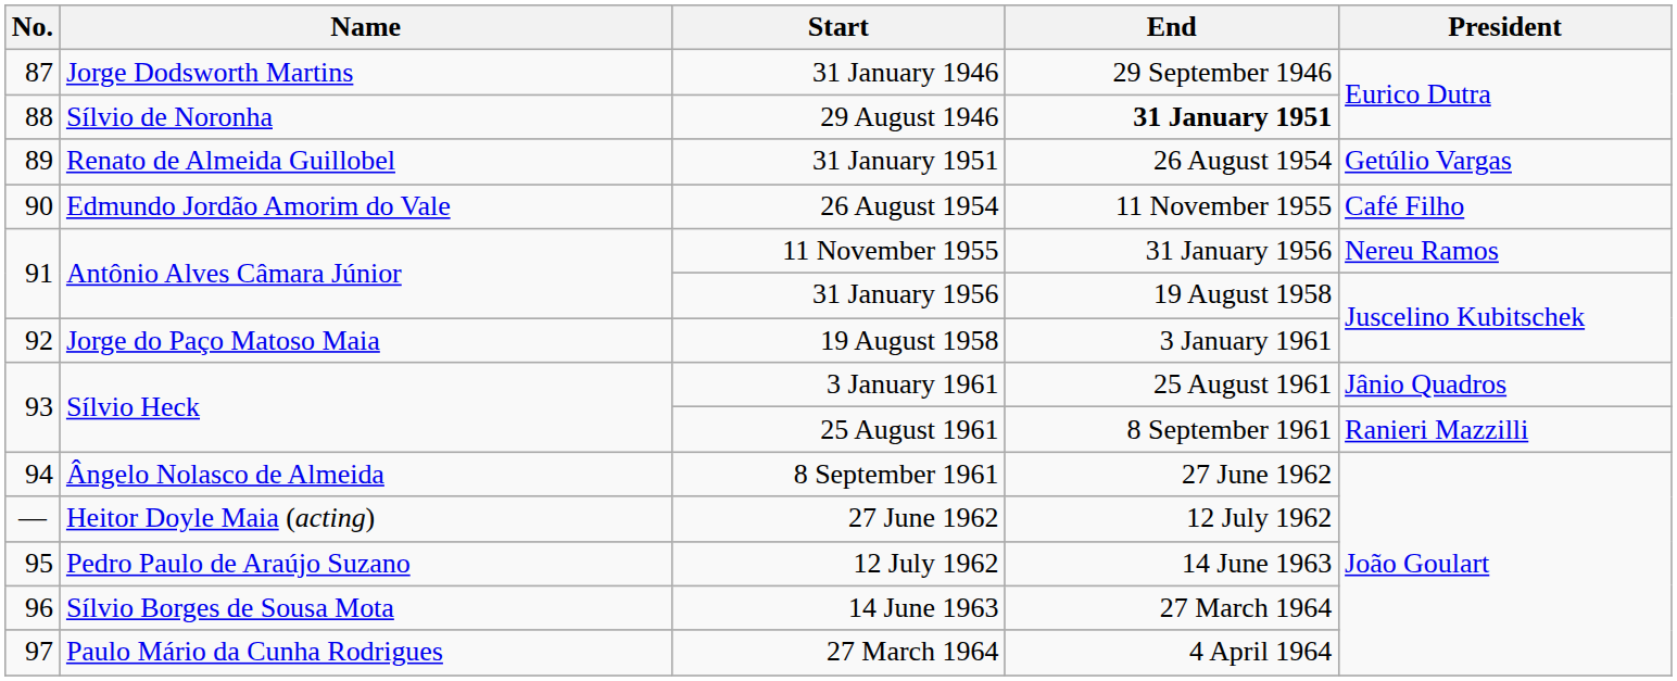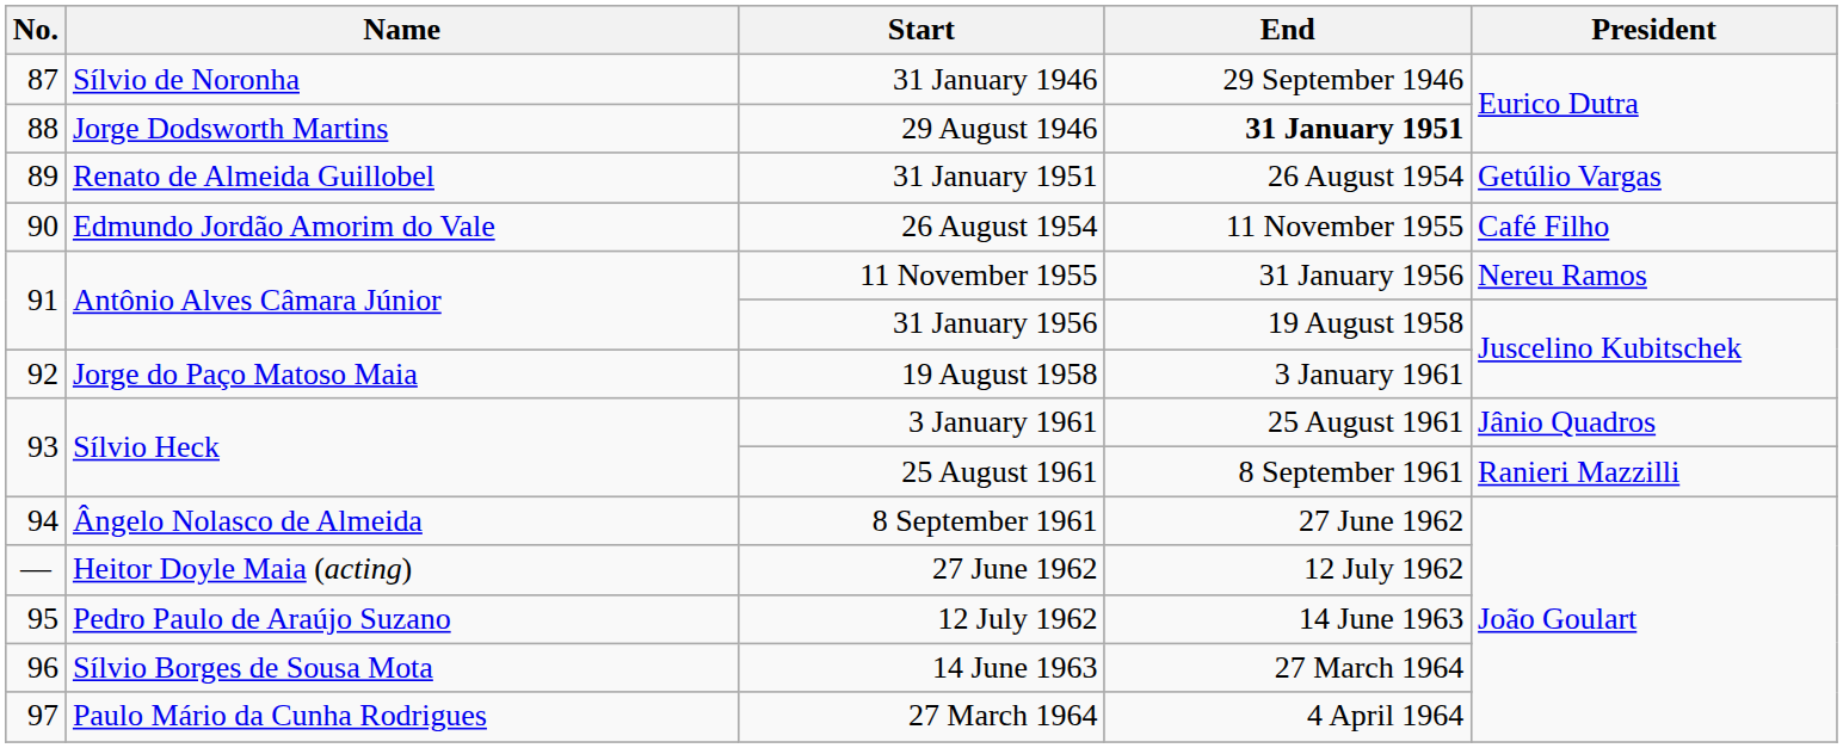 <table class="wikitable" width="75%">
 <tr>
 <th width="3%">No.</th>
 <th>Name</th>
 <th width="20%">Start</th>
 <th width="20%">End</th>
 <th width="20%">President</th>
 </tr>
 <tr>
 <td align="right">87</td>
-<td><a href='#'>Jorge Dodsworth Martins</a></td>
+<td><a href='#'>Sílvio de Noronha</a></td>
 <td align="right">31 January 1946</td>
 <td align="right">29 September 1946</td>
 <td rowspan="2"><a href='#'>Eurico Dutra</a></td>
 </tr>
 <tr>
 <td align="right">88</td>
-<td><a href='#'>Sílvio de Noronha</a></td>
+<td><a href='#'>Jorge Dodsworth Martins</a></td>
 <td align="right">29 August 1946</td>
 <td align="right"><strong>31 January 1951</strong></td>
 </tr>
 <tr>
 <td align="right">89</td>
 <td><a href='#'>Renato de Almeida Guillobel</a></td>
 <td align="right">31 January 1951</td>
 <td align="right">26 August 1954</td>
 <td><a href='#'>Getúlio Vargas</a></td>
 </tr>
 <tr>
 <td align="right">90</td>
 <td><a href='#'>Edmundo Jordão Amorim do Vale</a></td>
 <td align="right">26 August 1954</td>
 <td align="right">11 November 1955</td>
 <td><a href='#'>Café Filho</a></td>
 </tr>
 <tr>
 <td rowspan="2" align="right">91</td>
 <td rowspan="2"><a href='#'>Antônio Alves Câmara Júnior</a></td>
 <td align="right">11 November 1955</td>
 <td align="right">31 January 1956</td>
 <td><a href='#'>Nereu Ramos</a></td>
 </tr>
 <tr>
 <td align="right">31 January 1956</td>
 <td align="right">19 August 1958</td>
 <td rowspan="2"><a href='#'>Juscelino Kubitschek</a></td>
 </tr>
 <tr>
 <td align="right">92</td>
 <td><a href='#'>Jorge do Paço Matoso Maia</a></td>
 <td align="right">19 August 1958</td>
 <td align="right">3 January 1961</td>
 </tr>
 <tr>
 <td rowspan="2" align="right">93</td>
 <td rowspan="2"><a href='#'>Sílvio Heck</a></td>
 <td align="right">3 January 1961</td>
 <td align="right">25 August 1961</td>
 <td><a href='#'>Jânio Quadros</a></td>
 </tr>
 <tr>
 <td align="right">25 August 1961</td>
 <td align="right">8 September 1961</td>
 <td><a href='#'>Ranieri Mazzilli</a></td>
 </tr>
 <tr>
 <td align="right">94</td>
 <td><a href='#'>Ângelo Nolasco de Almeida</a></td>
 <td align="right">8 September 1961</td>
 <td align="right">27 June 1962</td>
 <td rowspan="5"><a href='#'>João Goulart</a></td>
 </tr>
 <tr>
 <td align="center">—</td>
 <td><a href='#'>Heitor Doyle Maia</a> (<em>acting</em>)</td>
 <td align="right">27 June 1962</td>
 <td align="right">12 July 1962</td>
 </tr>
 <tr>
 <td align="right">95</td>
 <td><a href='#'>Pedro Paulo de Araújo Suzano</a></td>
 <td align="right">12 July 1962</td>
 <td align="right">14 June 1963</td>
 </tr>
 <tr>
 <td align="right">96</td>
 <td><a href='#'>Sílvio Borges de Sousa Mota</a></td>
 <td align="right">14 June 1963</td>
 <td align="right">27 March 1964</td>
 </tr>
 <tr>
 <td align="right">97</td>
 <td><a href='#'>Paulo Mário da Cunha Rodrigues</a></td>
 <td align="right">27 March 1964</td>
 <td align="right">4 April 1964</td>
 </tr>
 </table>
